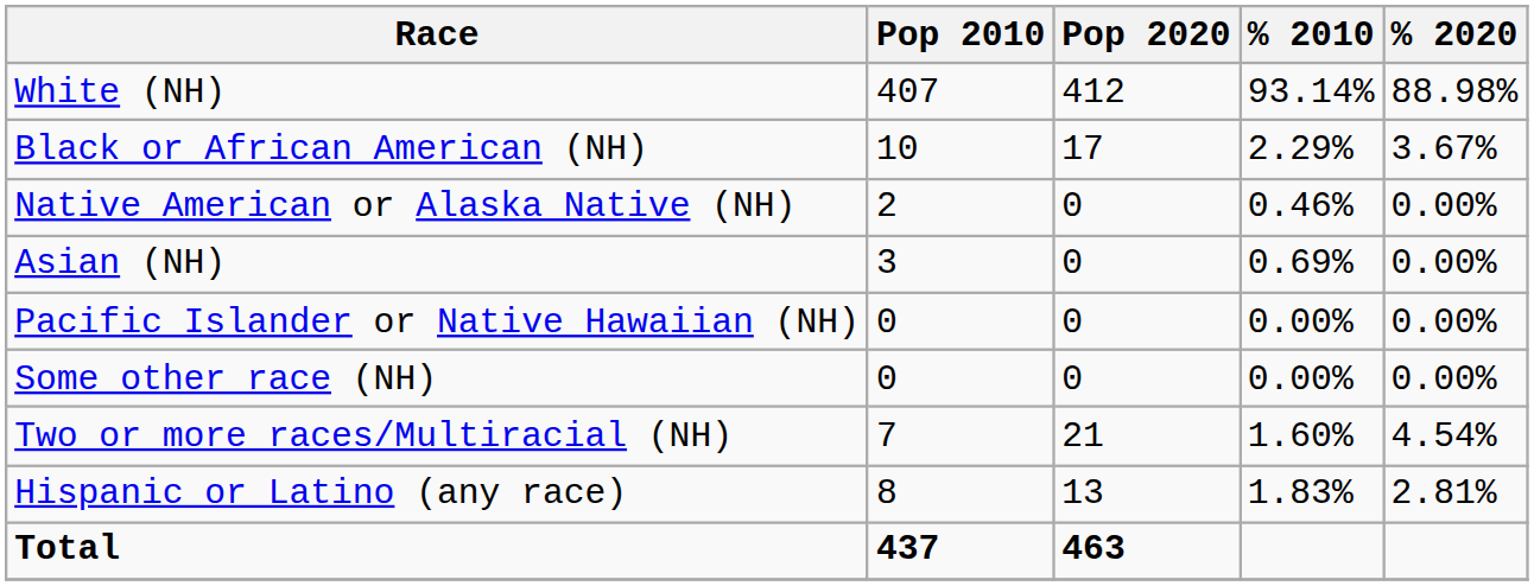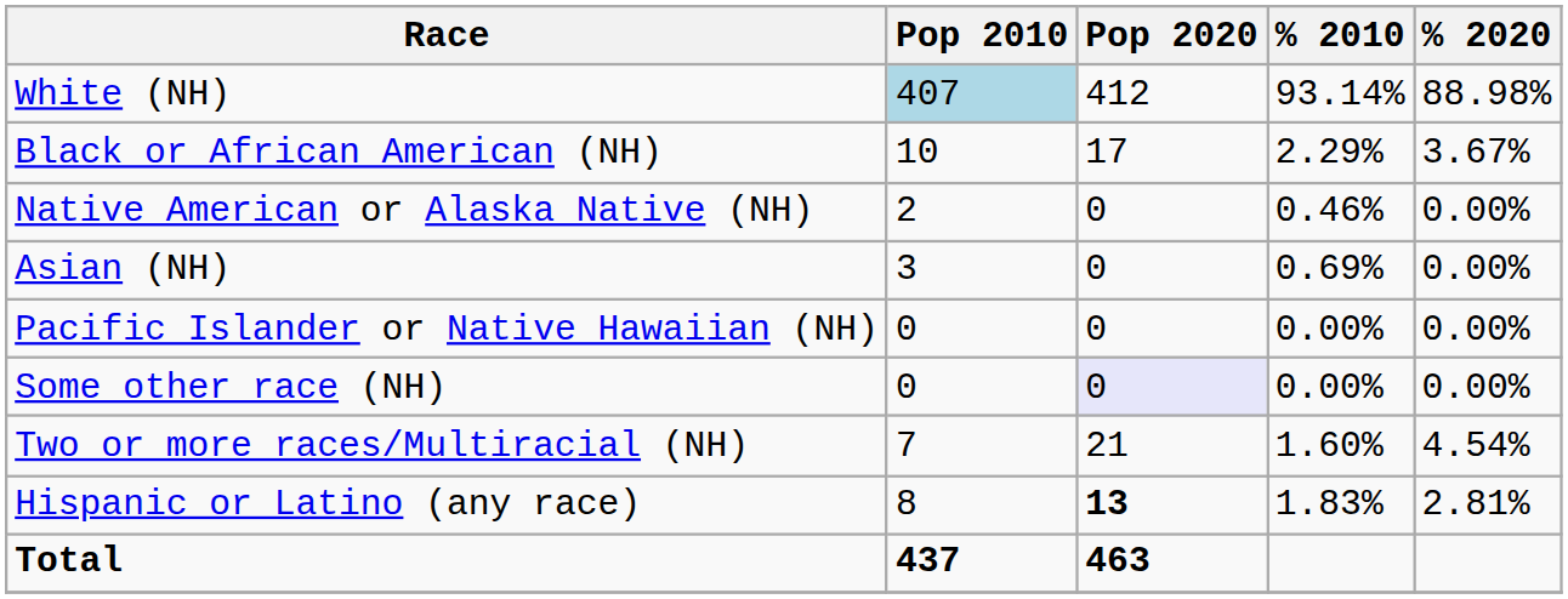 <table class="wikitable">
 <tr>
 <th>Race</th>
 <th>Pop 2010</th>
 <th>Pop 2020</th>
 <th>% 2010</th>
 <th>% 2020</th>
 </tr>
 <tr>
 <td><a href='#'>White</a> (NH)</td>
-<td>407</td>
+<td style="background: lightblue;">407</td>
 <td>412</td>
 <td>93.14%</td>
 <td>88.98%</td>
 </tr>
 <tr>
 <td><a href='#'>Black or African American</a> (NH)</td>
 <td>10</td>
 <td>17</td>
 <td>2.29%</td>
 <td>3.67%</td>
 </tr>
 <tr>
 <td><a href='#'>Native American</a> or <a href='#'>Alaska Native</a> (NH)</td>
 <td>2</td>
 <td>0</td>
 <td>0.46%</td>
 <td>0.00%</td>
 </tr>
 <tr>
 <td><a href='#'>Asian</a> (NH)</td>
 <td>3</td>
 <td>0</td>
 <td>0.69%</td>
 <td>0.00%</td>
 </tr>
 <tr>
 <td><a href='#'>Pacific Islander</a> or <a href='#'>Native Hawaiian</a> (NH)</td>
 <td>0</td>
 <td>0</td>
 <td>0.00%</td>
 <td>0.00%</td>
 </tr>
 <tr>
 <td><a href='#'>Some other race</a> (NH)</td>
 <td>0</td>
-<td>0</td>
+<td style="background: lavender;">0</td>
 <td>0.00%</td>
 <td>0.00%</td>
 </tr>
 <tr>
 <td><a href='#'>Two or more races/Multiracial</a> (NH)</td>
 <td>7</td>
 <td>21</td>
 <td>1.60%</td>
 <td>4.54%</td>
 </tr>
 <tr>
 <td><a href='#'>Hispanic or Latino</a> (any race)</td>
 <td>8</td>
-<td>13</td>
+<td><strong>13</strong></td>
 <td>1.83%</td>
 <td>2.81%</td>
 </tr>
 <tr>
 <td><strong>Total</strong></td>
 <td><strong>437</strong></td>
 <td><strong>463</strong></td>
 <td></td>
 <td></td>
 </tr>
 <tr>
 </tr>
 </table>
